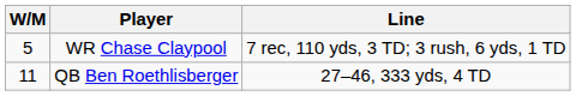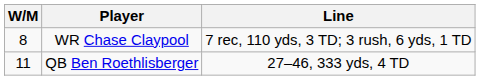 <table class="wikitable" style="text-align:center">
 <tr>
 <th>W/M</th>
 <th>Player</th>
 <th>Line</th>
 </tr>
 <tr>
-<td>5</td>
+<td>8</td>
 <td>WR <a href='#'>Chase Claypool</a></td>
 <td>7 rec, 110 yds, 3 TD; 3 rush, 6 yds, 1 TD</td>
 </tr>
 <tr>
 <td>11</td>
 <td>QB <a href='#'>Ben Roethlisberger</a></td>
 <td>27–46, 333 yds, 4 TD</td>
 </tr>
 </table>
